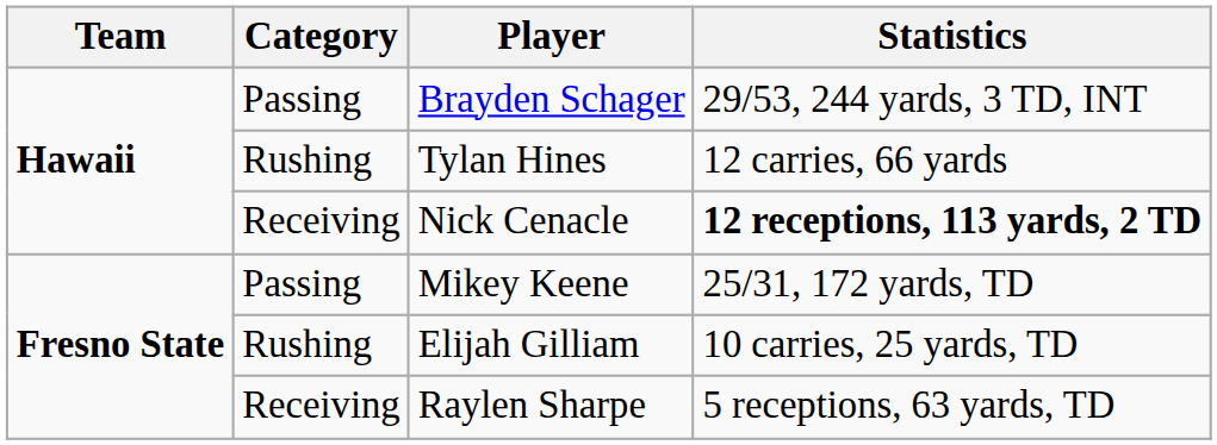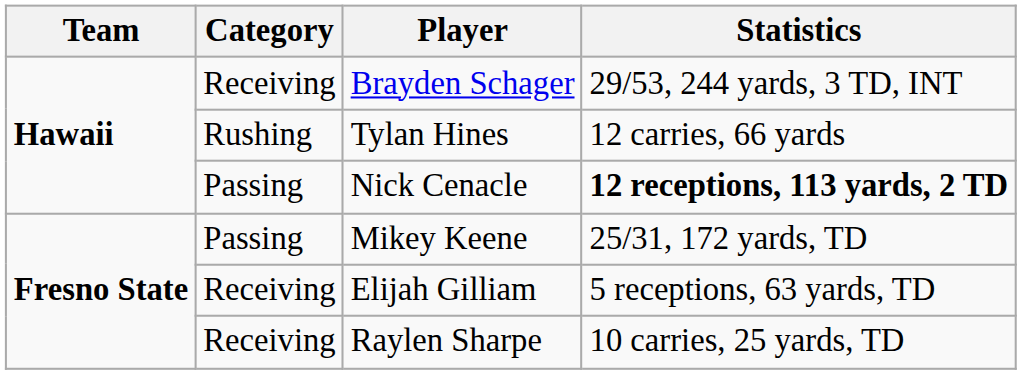 <table class="wikitable" style="float: right;">
 <tr>
 <th>Team</th>
 <th>Category</th>
 <th>Player</th>
 <th>Statistics</th>
 </tr>
 <tr>
 <td rowspan=3><strong>Hawaii</strong></td>
-<td>Passing</td>
+<td>Receiving</td>
 <td><a href='#'>Brayden Schager</a></td>
 <td>29/53, 244 yards, 3 TD, INT</td>
 </tr>
 <tr>
 <td>Rushing</td>
 <td>Tylan Hines</td>
 <td>12 carries, 66 yards</td>
 </tr>
 <tr>
-<td>Receiving</td>
+<td>Passing</td>
 <td>Nick Cenacle</td>
 <td><strong>12 receptions, 113 yards, 2 TD</strong></td>
 </tr>
 <tr>
 <td rowspan=3><strong>Fresno State</strong></td>
 <td>Passing</td>
 <td>Mikey Keene</td>
 <td>25/31, 172 yards, TD</td>
 </tr>
 <tr>
-<td>Rushing</td>
+<td>Receiving</td>
 <td>Elijah Gilliam</td>
-<td>10 carries, 25 yards, TD</td>
+<td>5 receptions, 63 yards, TD</td>
 </tr>
 <tr>
 <td>Receiving</td>
 <td>Raylen Sharpe</td>
-<td>5 receptions, 63 yards, TD</td>
+<td>10 carries, 25 yards, TD</td>
 </tr>
 </table>
